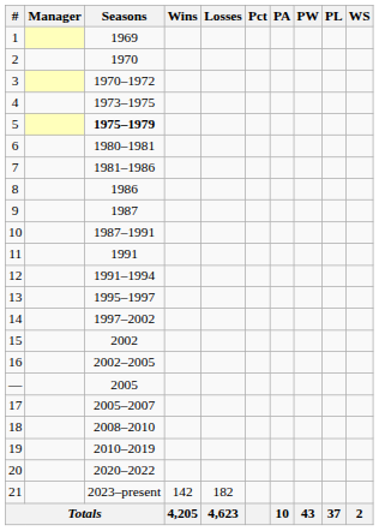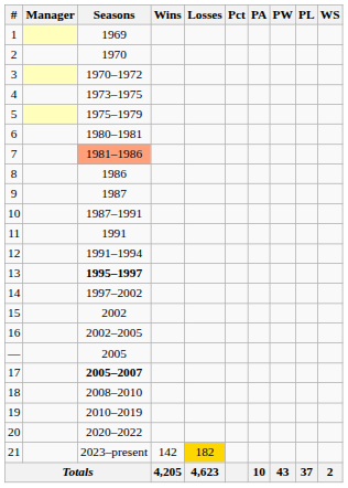 <table class="wikitable sortable" style="text-align:center">
 <tr>
 <th class="unsortable">#</th>
 <th>Manager</th>
 <th>Seasons</th>
 <th>Wins</th>
 <th>Losses</th>
 <th>Pct</th>
 <th>PA</th>
 <th>PW</th>
 <th>PL</th>
 <th>WS</th>
 </tr>
 <tr>
 <td>1</td>
 <td style="background:#ffb;"></td>
 <td>1969</td>
 <td></td>
 <td></td>
 <td></td>
 <td></td>
 <td></td>
 <td></td>
 <td></td>
 </tr>
 <tr>
 <td>2</td>
 <td></td>
 <td>1970</td>
 <td></td>
 <td></td>
 <td></td>
 <td></td>
 <td></td>
 <td></td>
 <td></td>
 </tr>
 <tr>
 <td>3</td>
 <td style="background:#ffb;"></td>
 <td>1970–1972</td>
 <td></td>
 <td></td>
 <td></td>
 <td></td>
 <td></td>
 <td></td>
 <td></td>
 </tr>
 <tr>
 <td>4</td>
 <td></td>
 <td>1973–1975</td>
 <td></td>
 <td></td>
 <td></td>
 <td></td>
 <td></td>
 <td></td>
 <td></td>
 </tr>
 <tr>
 <td>5</td>
 <td style="background:#ffb;"></td>
-<td><strong>1975–1979</strong></td>
+<td>1975–1979</td>
 <td></td>
 <td></td>
 <td></td>
 <td></td>
 <td></td>
 <td></td>
 <td></td>
 </tr>
 <tr>
 <td>6</td>
 <td></td>
 <td>1980–1981</td>
 <td></td>
 <td></td>
 <td></td>
 <td></td>
 <td></td>
 <td></td>
 <td></td>
 </tr>
 <tr>
 <td>7</td>
 <td></td>
-<td>1981–1986</td>
+<td style="background: lightsalmon;">1981–1986</td>
 <td></td>
 <td></td>
 <td></td>
 <td></td>
 <td></td>
 <td></td>
 <td></td>
 </tr>
 <tr>
 <td>8</td>
 <td></td>
 <td>1986</td>
 <td></td>
 <td></td>
 <td></td>
 <td></td>
 <td></td>
 <td></td>
 <td></td>
 </tr>
 <tr>
 <td>9</td>
 <td></td>
 <td>1987</td>
 <td></td>
 <td></td>
 <td></td>
 <td></td>
 <td></td>
 <td></td>
 <td></td>
 </tr>
 <tr>
 <td>10</td>
 <td></td>
 <td>1987–1991</td>
 <td></td>
 <td></td>
 <td></td>
 <td></td>
 <td></td>
 <td></td>
 <td></td>
 </tr>
 <tr>
 <td>11</td>
 <td></td>
 <td>1991</td>
 <td></td>
 <td></td>
 <td></td>
 <td></td>
 <td></td>
 <td></td>
 <td></td>
 </tr>
 <tr>
 <td>12</td>
 <td></td>
 <td>1991–1994</td>
 <td></td>
 <td></td>
 <td></td>
 <td></td>
 <td></td>
 <td></td>
 <td></td>
 </tr>
 <tr>
 <td>13</td>
 <td></td>
-<td>1995–1997</td>
+<td><strong>1995–1997</strong></td>
 <td></td>
 <td></td>
 <td></td>
 <td></td>
 <td></td>
 <td></td>
 <td></td>
 </tr>
 <tr>
 <td>14</td>
 <td></td>
 <td>1997–2002</td>
 <td></td>
 <td></td>
 <td></td>
 <td></td>
 <td></td>
 <td></td>
 <td></td>
 </tr>
 <tr>
 <td>15</td>
 <td></td>
 <td>2002</td>
 <td></td>
 <td></td>
 <td></td>
 <td></td>
 <td></td>
 <td></td>
 <td></td>
 </tr>
 <tr>
 <td>16</td>
 <td></td>
 <td>2002–2005</td>
 <td></td>
 <td></td>
 <td></td>
 <td></td>
 <td></td>
 <td></td>
 <td></td>
 </tr>
 <tr>
 <td>—</td>
 <td></td>
 <td>2005</td>
 <td></td>
 <td></td>
 <td></td>
 <td></td>
 <td></td>
 <td></td>
 <td></td>
 </tr>
 <tr>
 <td>17</td>
 <td></td>
-<td>2005–2007</td>
+<td><strong>2005–2007</strong></td>
 <td></td>
 <td></td>
 <td></td>
 <td></td>
 <td></td>
 <td></td>
 <td></td>
 </tr>
 <tr>
 <td>18</td>
 <td></td>
 <td>2008–2010</td>
 <td></td>
 <td></td>
 <td></td>
 <td></td>
 <td></td>
 <td></td>
 <td></td>
 </tr>
 <tr>
 <td>19</td>
 <td></td>
 <td>2010–2019</td>
 <td></td>
 <td></td>
 <td></td>
 <td></td>
 <td></td>
 <td></td>
 <td></td>
 </tr>
 <tr>
 <td>20</td>
 <td></td>
 <td>2020–2022</td>
 <td></td>
 <td></td>
 <td></td>
 <td></td>
 <td></td>
 <td></td>
 <td></td>
 </tr>
 <tr>
 <td>21</td>
 <td></td>
 <td>2023–present</td>
 <td>142</td>
-<td>182</td>
+<td style="background: gold;">182</td>
 <td></td>
 <td></td>
 <td></td>
 <td></td>
 <td></td>
 </tr>
 <tr class="sortbottom">
 <th colspan="3"><strong><em>Totals</em></strong></th>
 <th>4,205</th>
 <th>4,623</th>
 <th></th>
 <th>10</th>
 <th>43</th>
 <th>37</th>
 <th>2</th>
 </tr>
 </table>
